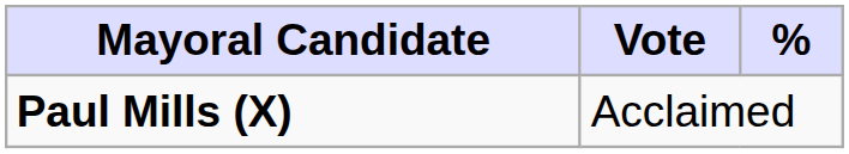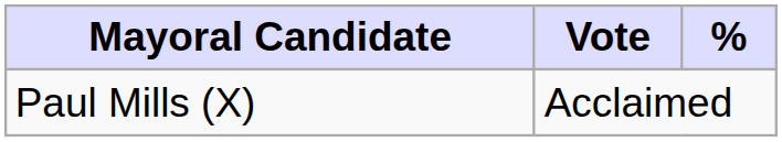 <table class="wikitable">
 <tr>
 <th style="background:#ddf; width:200px;">Mayoral Candidate </th>
 <th style="background:#ddf; width:50px;">Vote</th>
 <th style="background:#ddf; width:30px;">%</th>
 </tr>
 <tr>
-<td><strong>Paul Mills (X)</strong></td>
+<td>Paul Mills (X)</td>
 <td colspan="2">Acclaimed</td>
 </tr>
 </table>
